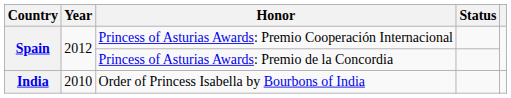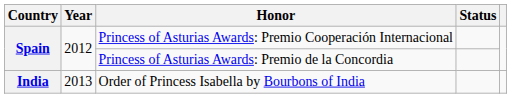 <table class="wikitable sortable plainrowheaders">
 <tr>
 <th scope="col">Country</th>
 <th scope="col">Year</th>
 <th scope="col">Honor</th>
 <th scope="col">Status</th>
 <th scope="col" class="unsortable"></th>
 </tr>
 <tr>
 <th scope="row" rowspan=2><a href='#'>Spain</a></th>
 <td rowspan="2">2012</td>
 <td><a href='#'>Princess of Asturias Awards</a>: Premio Cooperación Internacional</td>
 <td></td>
 <td align="center" rowspan="2"></td>
 </tr>
 <tr>
 <td><a href='#'>Princess of Asturias Awards</a>: Premio de la Concordia</td>
 <td></td>
 </tr>
 <tr>
 <th scope="row"><a href='#'>India</a></th>
-<td>2010</td>
+<td>2013</td>
 <td>Order of Princess Isabella by <a href='#'>Bourbons of India</a></td>
 <td></td>
 <td style="text-align:center;"></td>
 </tr>
 </table>
